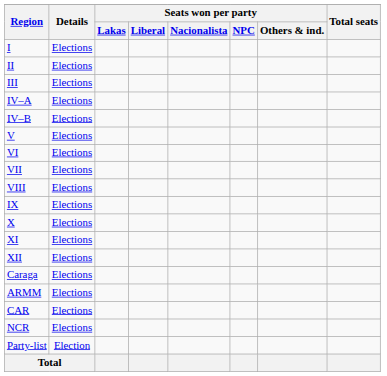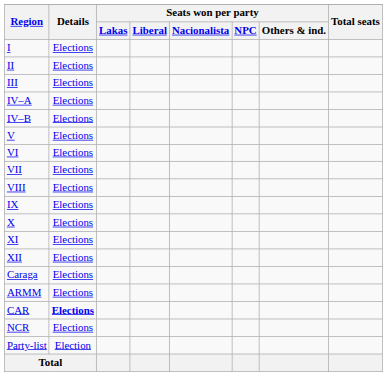 <table class=wikitable style="text-align:center; font-size:93%">
 <tr>
 </tr>
 <tr>
 <th rowspan=2><a href='#'>Region</a></th>
 <th rowspan=2>Details</th>
 <th colspan=5>Seats won per party</th>
 <th rowspan=2>Total seats</th>
 </tr>
 <tr>
 <th><a href='#'>Lakas</a></th>
 <th><a href='#'>Liberal</a></th>
 <th><a href='#'>Nacionalista</a></th>
 <th><a href='#'>NPC</a></th>
 <th>Others & ind.</th>
 </tr>
 <tr>
 <td align=left><a href='#'>I</a></td>
 <td><a href='#'>Elections</a></td>
 <td></td>
 <td></td>
 <td></td>
 <td></td>
 <td></td>
 <td></td>
 </tr>
 <tr>
 <td align=left><a href='#'>II</a></td>
 <td><a href='#'>Elections</a></td>
 <td></td>
 <td></td>
 <td></td>
 <td></td>
 <td></td>
 <td></td>
 </tr>
 <tr>
 <td align=left><a href='#'>III</a></td>
 <td><a href='#'>Elections</a></td>
 <td></td>
 <td></td>
 <td></td>
 <td></td>
 <td></td>
 <td></td>
 </tr>
 <tr>
 <td align=left><a href='#'>IV–A</a></td>
 <td><a href='#'>Elections</a></td>
 <td></td>
 <td></td>
 <td></td>
 <td></td>
 <td></td>
 <td></td>
 </tr>
 <tr>
 <td align=left><a href='#'>IV–B</a></td>
 <td><a href='#'>Elections</a></td>
 <td></td>
 <td></td>
 <td></td>
 <td></td>
 <td></td>
 <td></td>
 </tr>
 <tr>
 <td align=left><a href='#'>V</a></td>
 <td><a href='#'>Elections</a></td>
 <td></td>
 <td></td>
 <td></td>
 <td></td>
 <td></td>
 <td></td>
 </tr>
 <tr>
 <td align=left><a href='#'>VI</a></td>
 <td><a href='#'>Elections</a></td>
 <td></td>
 <td></td>
 <td></td>
 <td></td>
 <td></td>
 <td></td>
 </tr>
 <tr>
 <td align=left><a href='#'>VII</a></td>
 <td><a href='#'>Elections</a></td>
 <td></td>
 <td></td>
 <td></td>
 <td></td>
 <td></td>
 <td></td>
 </tr>
 <tr>
 <td align=left><a href='#'>VIII</a></td>
 <td><a href='#'>Elections</a></td>
 <td></td>
 <td></td>
 <td></td>
 <td></td>
 <td></td>
 <td></td>
 </tr>
 <tr>
 <td align=left><a href='#'>IX</a></td>
 <td><a href='#'>Elections</a></td>
 <td></td>
 <td></td>
 <td></td>
 <td></td>
 <td></td>
 <td></td>
 </tr>
 <tr>
 <td align=left><a href='#'>X</a></td>
 <td><a href='#'>Elections</a></td>
 <td></td>
 <td></td>
 <td></td>
 <td></td>
 <td></td>
 <td></td>
 </tr>
 <tr>
 <td align=left><a href='#'>XI</a></td>
 <td><a href='#'>Elections</a></td>
 <td></td>
 <td></td>
 <td></td>
 <td></td>
 <td></td>
 <td></td>
 </tr>
 <tr>
 <td align=left><a href='#'>XII</a></td>
 <td><a href='#'>Elections</a></td>
 <td></td>
 <td></td>
 <td></td>
 <td></td>
 <td></td>
 <td></td>
 </tr>
 <tr>
 <td align=left><a href='#'>Caraga</a></td>
 <td><a href='#'>Elections</a></td>
 <td></td>
 <td></td>
 <td></td>
 <td></td>
 <td></td>
 <td></td>
 </tr>
 <tr>
 <td align=left><a href='#'>ARMM</a></td>
 <td><a href='#'>Elections</a></td>
 <td></td>
 <td></td>
 <td></td>
 <td></td>
 <td></td>
 <td></td>
 </tr>
 <tr>
 <td align=left><a href='#'>CAR</a></td>
-<td><a href='#'>Elections</a></td>
+<td><strong><a href='#'>Elections</a></strong></td>
 <td></td>
 <td></td>
 <td></td>
 <td></td>
 <td></td>
 <td></td>
 </tr>
 <tr>
 <td align=left><a href='#'>NCR</a></td>
 <td><a href='#'>Elections</a></td>
 <td></td>
 <td></td>
 <td></td>
 <td></td>
 <td></td>
 <td></td>
 </tr>
 <tr>
 <td align=left><a href='#'>Party-list</a></td>
 <td><a href='#'>Election</a></td>
 <td></td>
 <td></td>
 <td></td>
 <td></td>
 <td></td>
 <td></td>
 </tr>
 <tr>
 <th colspan=2>Total</th>
 <th></th>
 <th></th>
 <th></th>
 <th></th>
 <th></th>
 <th></th>
 </tr>
 </table>
